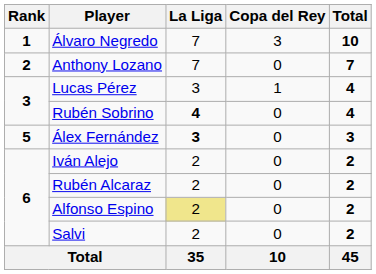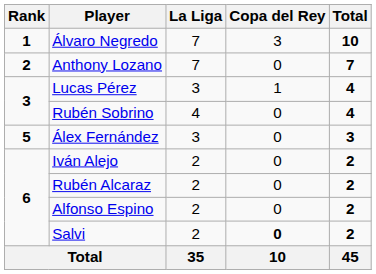 <table class="wikitable" style="text-align:center;">
 <tr>
 <th>Rank</th>
 <th>Player</th>
 <th>La Liga</th>
 <th>Copa del Rey</th>
 <th>Total</th>
 </tr>
 <tr>
 <td><strong>1</strong></td>
 <td align=left> <a href='#'>Álvaro Negredo</a></td>
 <td>7</td>
 <td>3</td>
 <td><strong>10</strong></td>
 </tr>
 <tr>
 <td><strong>2</strong></td>
 <td align=left> <a href='#'>Anthony Lozano</a></td>
 <td>7</td>
 <td>0</td>
 <td><strong>7</strong></td>
 </tr>
 <tr>
 <td rowspan=2><strong>3</strong></td>
 <td align=left> <a href='#'>Lucas Pérez</a></td>
 <td>3</td>
 <td>1</td>
 <td><strong>4</strong></td>
 </tr>
 <tr>
 <td align=left> <a href='#'>Rubén Sobrino</a></td>
-<td><strong>4</strong></td>
+<td>4</td>
 <td>0</td>
 <td><strong>4</strong></td>
 </tr>
 <tr>
 <td><strong>5</strong></td>
 <td align=left> <a href='#'>Álex Fernández</a></td>
-<td><strong>3</strong></td>
+<td>3</td>
 <td>0</td>
 <td><strong>3</strong></td>
 </tr>
 <tr>
 <td rowspan=4><strong>6</strong></td>
 <td align=left> <a href='#'>Iván Alejo</a></td>
 <td>2</td>
 <td>0</td>
 <td><strong>2</strong></td>
 </tr>
 <tr>
 <td align=left> <a href='#'>Rubén Alcaraz</a></td>
 <td>2</td>
 <td>0</td>
 <td><strong>2</strong></td>
 </tr>
 <tr>
 <td align=left> <a href='#'>Alfonso Espino</a></td>
-<td style="background: khaki;">2</td>
+<td>2</td>
 <td>0</td>
 <td><strong>2</strong></td>
 </tr>
 <tr>
 <td align=left> <a href='#'>Salvi</a></td>
 <td>2</td>
-<td>0</td>
+<td><strong>0</strong></td>
 <td><strong>2</strong></td>
 </tr>
 <tr>
 <th colspan=2>Total</th>
 <th>35</th>
 <th>10</th>
 <th><strong>45</strong></th>
 </tr>
 </table>
